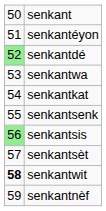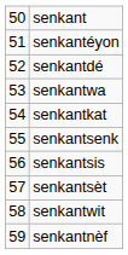 <table class="wikitable" style="float:left; margin-right:0.5em">
 <tr>
 <td>50</td>
 <td>senkant</td>
 </tr>
 <tr>
 <td>51</td>
 <td>senkantéyon</td>
 </tr>
 <tr>
-<td style="background: lightgreen;">52</td>
+<td>52</td>
 <td>senkantdé</td>
 </tr>
 <tr>
 <td>53</td>
 <td>senkantwa</td>
 </tr>
 <tr>
 <td>54</td>
 <td>senkantkat</td>
 </tr>
 <tr>
 <td>55</td>
 <td>senkantsenk</td>
 </tr>
 <tr>
-<td style="background: lightgreen;">56</td>
+<td>56</td>
 <td>senkantsis</td>
 </tr>
 <tr>
 <td>57</td>
 <td>senkantsèt</td>
 </tr>
 <tr>
-<td><strong>58</strong></td>
+<td>58</td>
 <td>senkantwit</td>
 </tr>
 <tr>
 <td>59</td>
 <td>senkantnèf</td>
 </tr>
 </table>
